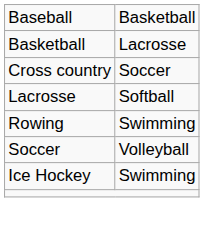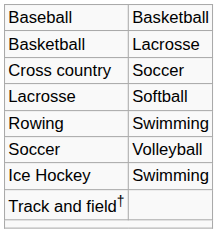 <table class="wikitable" style=" ">
 <tr>
 <td>Baseball</td>
 <td>Basketball</td>
 </tr>
 <tr>
 <td>Basketball</td>
 <td>Lacrosse</td>
 </tr>
 <tr>
 <td>Cross country</td>
 <td>Soccer</td>
 </tr>
 <tr>
 <td>Lacrosse</td>
 <td>Softball</td>
 </tr>
 <tr>
 <td>Rowing</td>
 <td>Swimming</td>
 </tr>
 <tr>
 <td>Soccer</td>
 <td>Volleyball</td>
 </tr>
 <tr>
 <td>Ice Hockey</td>
 <td>Swimming</td>
 </tr>
 <tr>
+<td>Track and field<sup>†</sup></td>
+<td></td>
+</tr>
+<tr>
 <td colspan="2"></td>
 </tr>
 </table>
